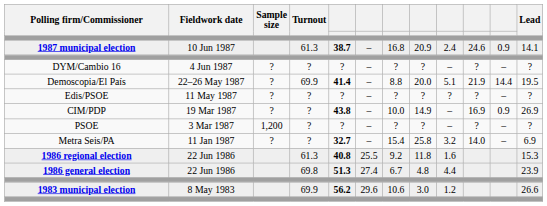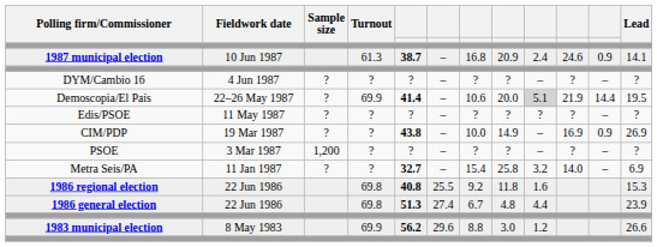 <table class="wikitable collapsible collapsed" style="text-align:center; font-size:95%; line-height:16px;">
 <tr style="height:42px;">
 <th style="width:250px;" rowspan="2">Polling firm/Commissioner</th>
 <th style="width:125px;" rowspan="2">Fieldwork date</th>
 <th style="width:50px;" rowspan="2">Sample size</th>
 <th style="width:45px;" rowspan="2">Turnout</th>
 <th style="width:35px;"></th>
 <th style="width:35px;"></th>
 <th style="width:35px;"></th>
 <th style="width:35px;"></th>
 <th style="width:35px;"></th>
 <th style="width:35px;"></th>
 <th style="width:35px;"></th>
 <th style="width:30px;" rowspan="2">Lead</th>
 </tr>
 <tr>
 <th style="color:inherit;background:"></th>
 <th style="color:inherit;background:"></th>
 <th style="color:inherit;background:"></th>
 <th style="color:inherit;background:"></th>
 <th style="color:inherit;background:"></th>
 <th style="color:inherit;background:"></th>
 <th style="color:inherit;background:"></th>
 </tr>
 <tr>
 <td colspan="12" style="background:#A0A0A0"></td>
 </tr>
 <tr style="background:#EFEFEF;">
 <td><strong><a href='#'>1987 municipal election</a></strong></td>
 <td>10 Jun 1987</td>
 <td></td>
 <td>61.3</td>
 <td><strong>38.7</strong><br></td>
 <td>–</td>
 <td>16.8<br></td>
 <td>20.9<br></td>
 <td>2.4<br></td>
 <td>24.6<br></td>
 <td>0.9<br></td>
 <td style="background:">14.1</td>
 </tr>
 <tr>
 <td colspan="12" style="background:#A0A0A0"></td>
 </tr>
 <tr>
 <td>DYM/Cambio 16</td>
 <td>4 Jun 1987</td>
 <td>?</td>
 <td>?</td>
 <td>?<br></td>
 <td>–</td>
 <td>?<br></td>
 <td>?<br></td>
 <td>–</td>
 <td>?<br></td>
 <td>–</td>
 <td style="background:">?</td>
 </tr>
 <tr>
 <td>Demoscopia/El País</td>
 <td>22–26 May 1987</td>
 <td>?</td>
 <td>69.9</td>
 <td><strong>41.4</strong><br></td>
 <td>–</td>
-<td>8.8<br></td>
+<td>10.6<br></td>
 <td>20.0<br></td>
-<td>5.1<br></td>
+<td style="background: lightgrey;">5.1<br></td>
 <td>21.9<br></td>
 <td>14.4<br></td>
 <td style="background:">19.5</td>
 </tr>
 <tr>
 <td>Edis/PSOE</td>
 <td>11 May 1987</td>
 <td>?</td>
 <td>?</td>
 <td>?<br></td>
 <td>–</td>
 <td>?<br></td>
 <td>?<br></td>
 <td>?<br></td>
 <td>?<br></td>
 <td>–</td>
 <td style="background:">?</td>
 </tr>
 <tr>
 <td>CIM/PDP</td>
 <td>19 Mar 1987</td>
 <td>?</td>
 <td>?</td>
 <td><strong>43.8</strong><br></td>
 <td>–</td>
 <td>10.0<br></td>
 <td>14.9<br></td>
 <td>–</td>
 <td>16.9<br></td>
 <td>0.9<br></td>
 <td style="background:">26.9</td>
 </tr>
 <tr>
 <td>PSOE</td>
 <td>3 Mar 1987</td>
 <td>1,200</td>
 <td>?</td>
 <td>?<br></td>
 <td>–</td>
 <td>?<br></td>
 <td>?<br></td>
 <td>–</td>
 <td>?<br></td>
 <td>–</td>
 <td style="background:">?</td>
 </tr>
 <tr>
 <td>Metra Seis/PA</td>
 <td>11 Jan 1987</td>
 <td>?</td>
 <td>?</td>
 <td><strong>32.7</strong></td>
 <td>–</td>
 <td>15.4</td>
 <td>25.8</td>
 <td>3.2</td>
 <td>14.0</td>
 <td>–</td>
 <td style="background:">6.9</td>
 </tr>
 <tr style="background:#EFEFEF;">
 <td><strong><a href='#'>1986 regional election</a></strong></td>
 <td>22 Jun 1986</td>
 <td></td>
-<td>61.3</td>
+<td>69.8</td>
 <td><strong>40.8</strong><br></td>
 <td>25.5<br></td>
 <td>9.2<br></td>
 <td>11.8<br></td>
 <td>1.6<br></td>
 <td></td>
 <td></td>
 <td style="background:">15.3</td>
 </tr>
 <tr style="background:#EFEFEF;">
 <td><strong><a href='#'>1986 general election</a></strong></td>
 <td>22 Jun 1986</td>
 <td></td>
 <td>69.8</td>
 <td><strong>51.3</strong><br></td>
 <td>27.4<br></td>
 <td>6.7<br></td>
 <td>4.8<br></td>
 <td>4.4<br></td>
 <td></td>
 <td></td>
 <td style="background:">23.9</td>
 </tr>
 <tr>
 <td colspan="12" style="background:#A0A0A0"></td>
 </tr>
 <tr style="background:#EFEFEF;">
 <td><strong><a href='#'>1983 municipal election</a></strong></td>
 <td>8 May 1983</td>
 <td></td>
 <td>69.9</td>
 <td><strong>56.2</strong><br></td>
 <td>29.6<br></td>
-<td>10.6<br></td>
+<td>8.8<br></td>
 <td>3.0<br></td>
 <td>1.2<br></td>
 <td></td>
 <td></td>
 <td style="background:">26.6</td>
 </tr>
 <tr>
 <td colspan="12" style="background:#A0A0A0"></td>
 </tr>
 </table>
